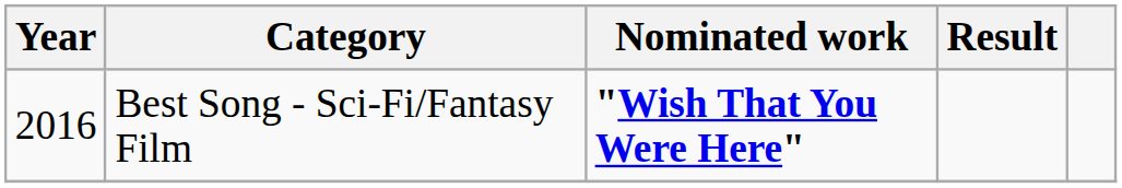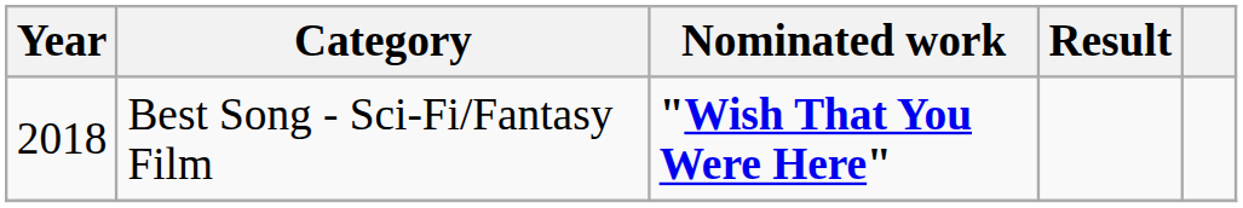 <table class="wikitable plainrowheaders" style="width:70%;">
 <tr>
 <th scope="col" style="width:4%;">Year</th>
 <th scope="col" style="width:50%;">Category</th>
 <th scope="col" style="width:35%;">Nominated work</th>
 <th scope="col" style="width:6%;">Result</th>
 <th scope="col" style="width:6%;"></th>
 </tr>
 <tr>
-<td style="text-align:center;">2016</td>
+<td style="text-align:center;">2018</td>
 <td>Best Song - Sci-Fi/Fantasy Film</td>
 <td><strong>"<a href='#'>Wish That You Were Here</a>"</strong></td>
 <td></td>
 <td style="text-align:center;"></td>
 </tr>
 <tr>
 </tr>
 </table>
